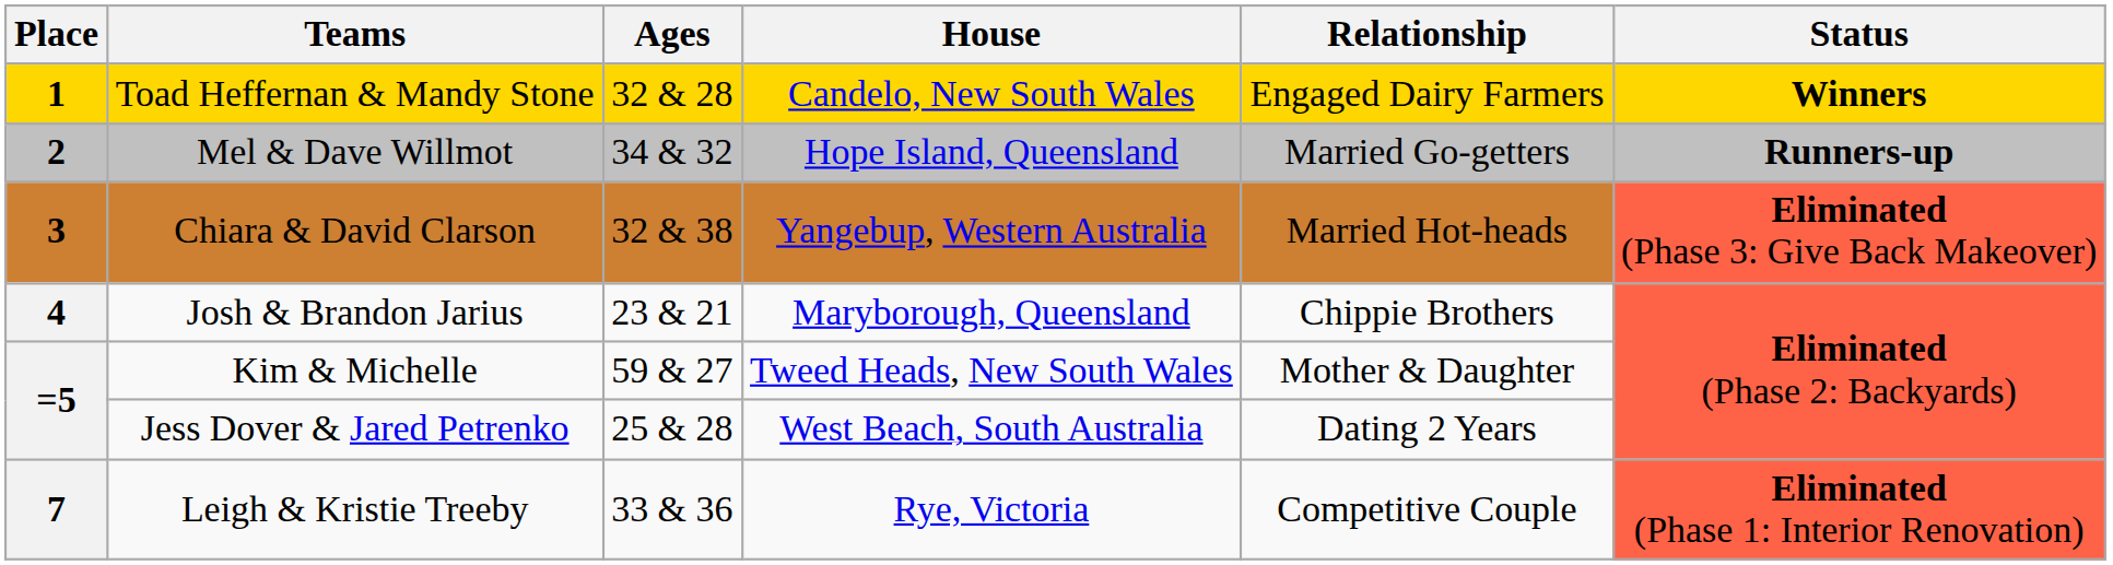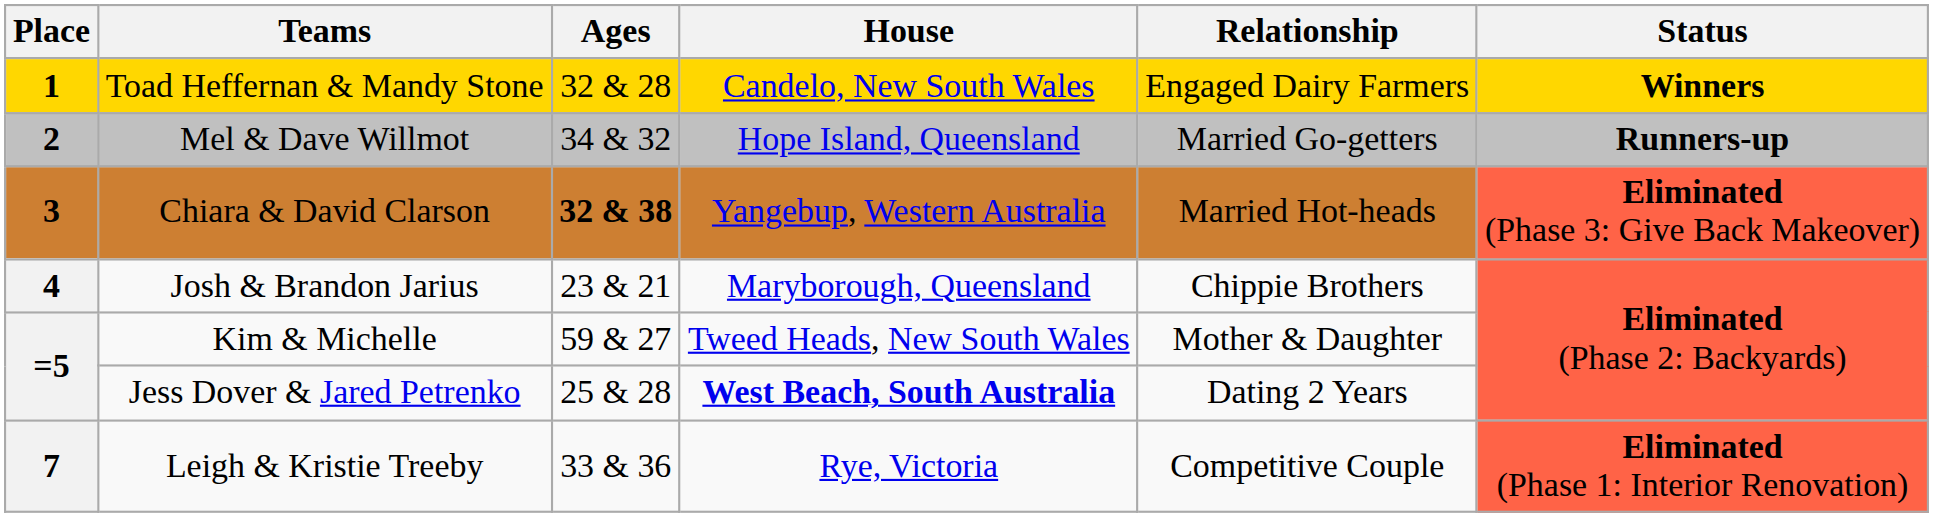 <table class="wikitable" style="text-align: center;">
 <tr valign="top">
 <th>Place</th>
 <th>Teams</th>
 <th>Ages</th>
 <th>House</th>
 <th>Relationship</th>
 <th>Status</th>
 </tr>
 <tr>
 <th style="background:gold"><strong>1</strong></th>
 <td style="background:gold">Toad Heffernan & Mandy Stone</td>
 <td style="background:gold">32 & 28</td>
 <td style="background:gold"><a href='#'>Candelo, New South Wales</a></td>
 <td style="background:gold">Engaged Dairy Farmers</td>
 <td style="background:gold"><strong>Winners</strong></td>
 </tr>
 <tr>
 <th style="background:silver"><strong>2</strong></th>
 <td style="background:silver">Mel & Dave Willmot</td>
 <td style="background:silver">34 & 32</td>
 <td style="background:silver"><a href='#'>Hope Island, Queensland</a></td>
 <td style="background:silver">Married Go-getters</td>
 <td style="background:silver"><strong>Runners-up</strong></td>
 </tr>
 <tr>
 <th style="background:#CD7F32"><strong>3</strong></th>
 <td style="background:#CD7F32">Chiara & David Clarson</td>
-<td style="background:#CD7F32">32 & 38</td>
+<td style="background:#CD7F32"><strong>32 & 38</strong></td>
 <td style="background:#CD7F32"><a href='#'>Yangebup</a>, <a href='#'>Western Australia</a></td>
 <td style="background:#CD7F32">Married Hot-heads</td>
 <td style="background:tomato"><strong>Eliminated</strong><br>(Phase 3: Give Back Makeover)</td>
 </tr>
 <tr>
 <th><strong>4</strong></th>
 <td>Josh & Brandon Jarius</td>
 <td>23 & 21</td>
 <td><a href='#'>Maryborough, Queensland</a></td>
 <td>Chippie Brothers</td>
 <td rowspan="3" bgcolor="tomato"><strong>Eliminated</strong><br>(Phase 2: Backyards)</td>
 </tr>
 <tr>
 <th rowspan="2">=5</th>
 <td>Kim & Michelle</td>
 <td>59 & 27</td>
 <td><a href='#'>Tweed Heads</a>, <a href='#'>New South Wales</a></td>
 <td>Mother & Daughter</td>
 </tr>
 <tr>
 <td>Jess Dover & <a href='#'>Jared Petrenko</a></td>
 <td>25 & 28</td>
-<td><a href='#'>West Beach, South Australia</a></td>
+<td><strong><a href='#'>West Beach, South Australia</a></strong></td>
 <td>Dating 2 Years</td>
 </tr>
 <tr>
 <th>7</th>
 <td>Leigh & Kristie Treeby</td>
 <td>33 & 36</td>
 <td><a href='#'>Rye, Victoria</a></td>
 <td>Competitive Couple</td>
 <td bgcolor="tomato"><strong>Eliminated</strong><br>(Phase 1: Interior Renovation)</td>
 </tr>
 </table>
